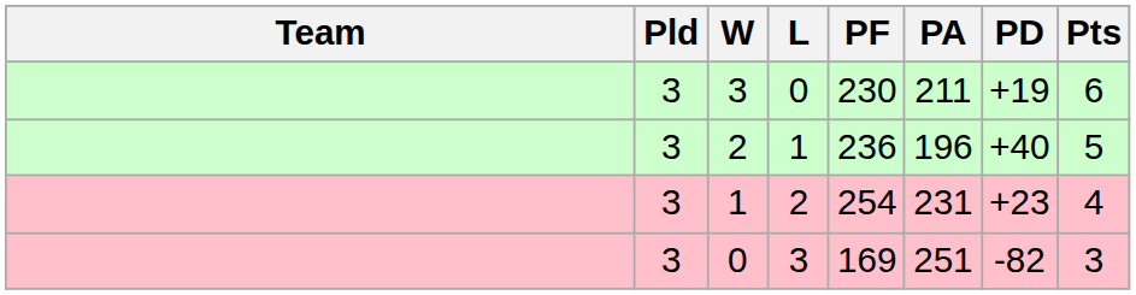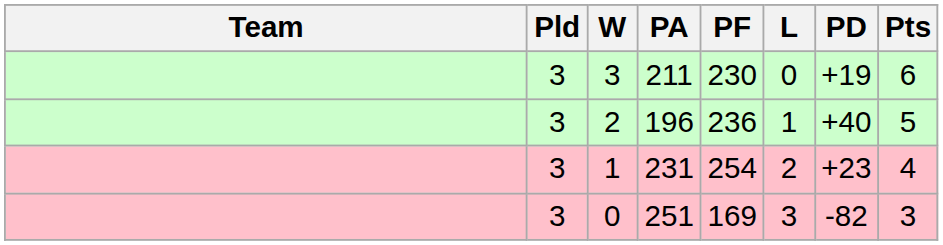 <table class="wikitable" style="text-align:center;">
 <tr>
 <th width=275>Team</th>
 <th width=20  abbr="Played">Pld</th>
 <th width=20  abbr="Won">W</th>
+<th width=20  abbr="Points Against">PA</th>
+<th width=20  abbr="Points">PF</th>
 <th width=20  abbr="Lost">L</th>
-<th width=20  abbr="Points">PF</th>
-<th width=20  abbr="Points Against">PA</th>
 <th width=25  abbr="Points Difference">PD</th>
 <th width=20  abbr="Points">Pts</th>
 </tr>
 <tr bgcolor="ccffcc">
 <td style="text-align:left"></td>
 <td>3</td>
 <td>3</td>
+<td>211</td>
+<td>230</td>
 <td>0</td>
-<td>230</td>
-<td>211</td>
 <td>+19</td>
 <td>6</td>
 </tr>
 <tr bgcolor="ccffcc">
 <td style="text-align:left"></td>
 <td>3</td>
 <td>2</td>
+<td>196</td>
+<td>236</td>
 <td>1</td>
-<td>236</td>
-<td>196</td>
 <td>+40</td>
 <td>5</td>
 </tr>
 <tr bgcolor="pink">
 <td style="text-align:left"></td>
 <td>3</td>
 <td>1</td>
+<td>231</td>
+<td>254</td>
 <td>2</td>
-<td>254</td>
-<td>231</td>
 <td>+23</td>
 <td>4</td>
 </tr>
 <tr bgcolor="pink">
 <td style="text-align:left"></td>
 <td>3</td>
 <td>0</td>
+<td>251</td>
+<td>169</td>
 <td>3</td>
-<td>169</td>
-<td>251</td>
 <td>-82</td>
 <td>3</td>
 </tr>
 </table>
